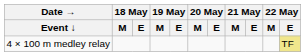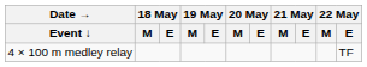 <table class="wikitable swimming-schedule floatleft">
 <tr>
 <th>Date →</th>
 <th colspan=2>18 May</th>
 <th colspan=2>19 May</th>
 <th colspan=2>20 May</th>
 <th colspan=2>21 May</th>
 <th colspan=2>22 May</th>
 </tr>
 <tr>
 <th>Event ↓</th>
 <th>M</th>
 <th>E</th>
 <th>M</th>
 <th>E</th>
 <th>M</th>
 <th>E</th>
 <th>M</th>
 <th>E</th>
 <th>M</th>
 <th>E</th>
 </tr>
 <tr>
 <td class=event>4 × 100 m medley relay</td>
 <td colspan=2></td>
 <td colspan=2></td>
 <td colspan=2></td>
 <td colspan=2></td>
 <td></td>
-<td class=timed-final style="background: khaki;">TF</td>
+<td class=timed-final>TF</td>
 </tr>
 </table>
